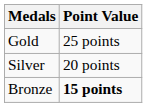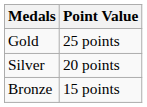 <table class="wikitable">
 <tr>
 <th>Medals</th>
 <th>Point Value</th>
 </tr>
 <tr>
 <td>Gold</td>
 <td>25 points</td>
 </tr>
 <tr>
 <td>Silver</td>
 <td>20 points</td>
 </tr>
 <tr>
 <td>Bronze</td>
-<td><strong>15 points</strong></td>
+<td>15 points</td>
 </tr>
 </table>
